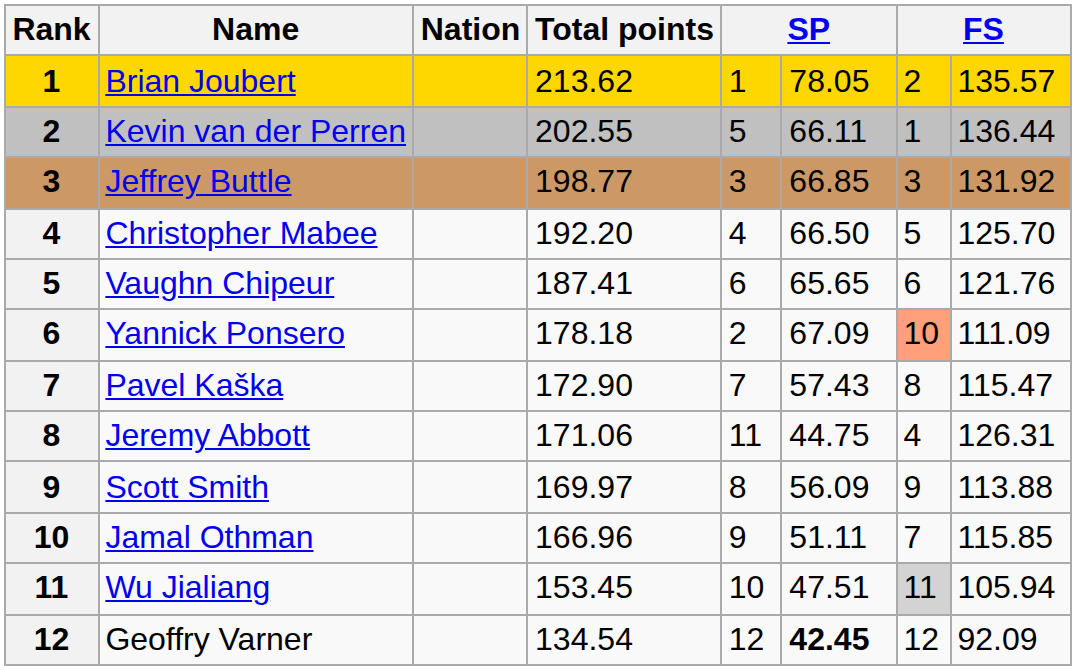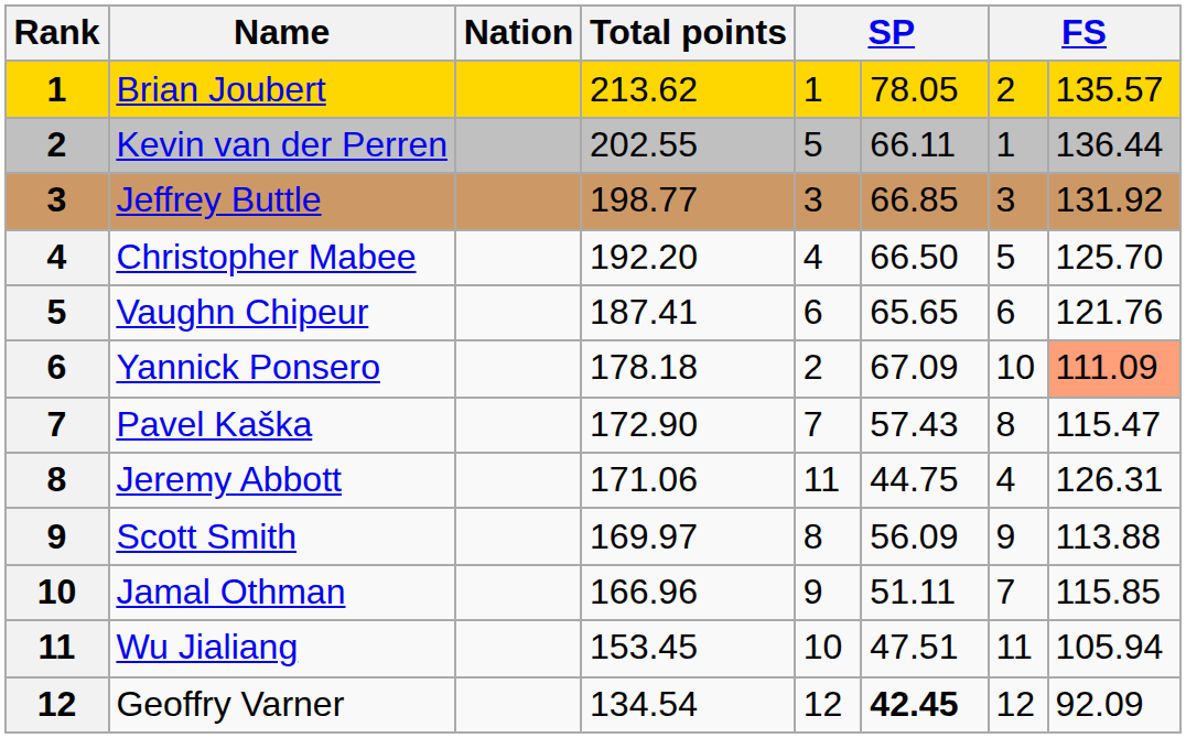 <table class="wikitable">
 <tr>
 <th>Rank</th>
 <th>Name</th>
 <th>Nation</th>
 <th>Total points</th>
 <th colspan="2" width="80px"><a href='#'>SP</a></th>
 <th colspan="2" width="80px"><a href='#'>FS</a></th>
 </tr>
 <tr bgcolor="gold">
 <td align="center"><strong>1</strong></td>
 <td><a href='#'>Brian Joubert</a></td>
 <td></td>
 <td>213.62</td>
 <td>1</td>
 <td>78.05</td>
 <td>2</td>
 <td>135.57</td>
 </tr>
 <tr bgcolor="silver">
 <td align="center"><strong>2</strong></td>
 <td><a href='#'>Kevin van der Perren</a></td>
 <td></td>
 <td>202.55</td>
 <td>5</td>
 <td>66.11</td>
 <td>1</td>
 <td>136.44</td>
 </tr>
 <tr bgcolor="cc9966">
 <td align="center"><strong>3</strong></td>
 <td><a href='#'>Jeffrey Buttle</a></td>
 <td></td>
 <td>198.77</td>
 <td>3</td>
 <td>66.85</td>
 <td>3</td>
 <td>131.92</td>
 </tr>
 <tr>
 <th>4</th>
 <td><a href='#'>Christopher Mabee</a></td>
 <td></td>
 <td>192.20</td>
 <td>4</td>
 <td>66.50</td>
 <td>5</td>
 <td>125.70</td>
 </tr>
 <tr>
 <th>5</th>
 <td><a href='#'>Vaughn Chipeur</a></td>
 <td></td>
 <td>187.41</td>
 <td>6</td>
 <td>65.65</td>
 <td>6</td>
 <td>121.76</td>
 </tr>
 <tr>
 <th>6</th>
 <td><a href='#'>Yannick Ponsero</a></td>
 <td></td>
 <td>178.18</td>
 <td>2</td>
 <td>67.09</td>
-<td style="background: lightsalmon;">10</td>
-<td>111.09</td>
+<td>10</td>
+<td style="background: lightsalmon;">111.09</td>
 </tr>
 <tr>
 <th>7</th>
 <td><a href='#'>Pavel Kaška</a></td>
 <td></td>
 <td>172.90</td>
 <td>7</td>
 <td>57.43</td>
 <td>8</td>
 <td>115.47</td>
 </tr>
 <tr>
 <th>8</th>
 <td><a href='#'>Jeremy Abbott</a></td>
 <td></td>
 <td>171.06</td>
 <td>11</td>
 <td>44.75</td>
 <td>4</td>
 <td>126.31</td>
 </tr>
 <tr>
 <th>9</th>
 <td><a href='#'>Scott Smith</a></td>
 <td></td>
 <td>169.97</td>
 <td>8</td>
 <td>56.09</td>
 <td>9</td>
 <td>113.88</td>
 </tr>
 <tr>
 <th>10</th>
 <td><a href='#'>Jamal Othman</a></td>
 <td></td>
 <td>166.96</td>
 <td>9</td>
 <td>51.11</td>
 <td>7</td>
 <td>115.85</td>
 </tr>
 <tr>
 <th>11</th>
 <td><a href='#'>Wu Jialiang</a></td>
 <td></td>
 <td>153.45</td>
 <td>10</td>
 <td>47.51</td>
-<td style="background: lightgrey;">11</td>
+<td>11</td>
 <td>105.94</td>
 </tr>
 <tr>
 <th>12</th>
 <td>Geoffry Varner</td>
 <td></td>
 <td>134.54</td>
 <td>12</td>
 <td><strong>42.45</strong></td>
 <td>12</td>
 <td>92.09</td>
 </tr>
 </table>
